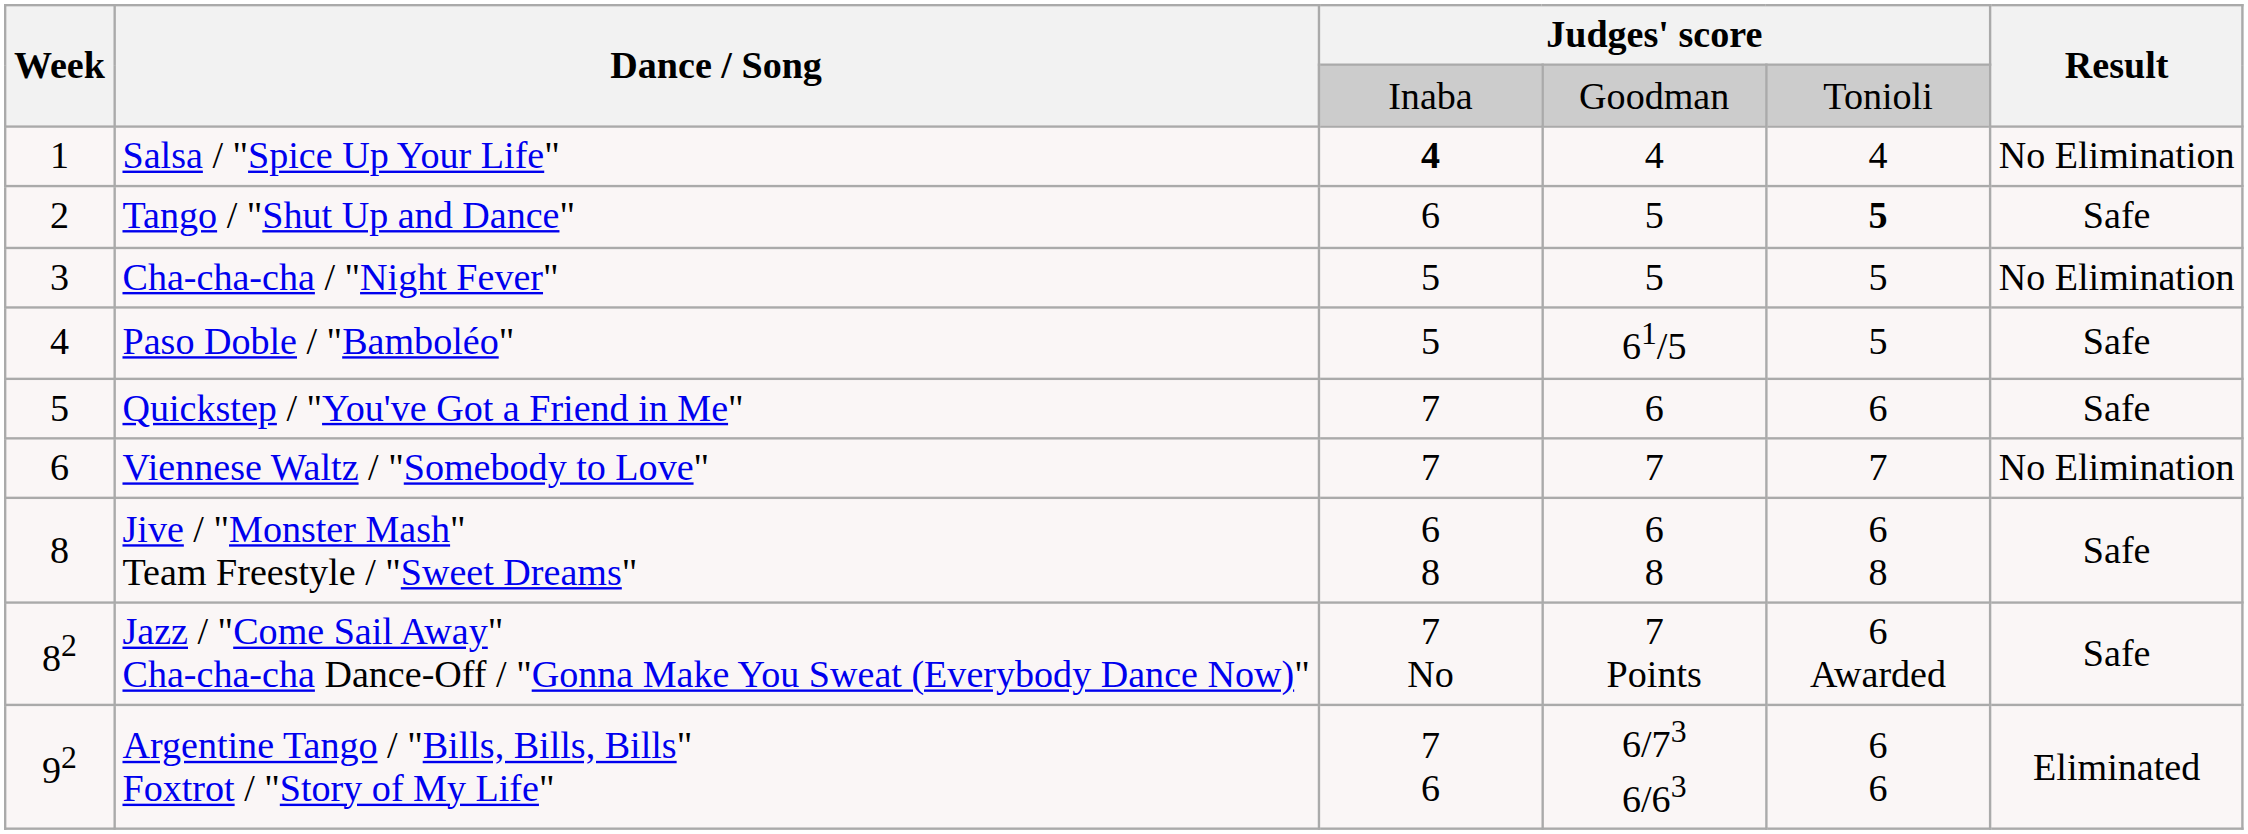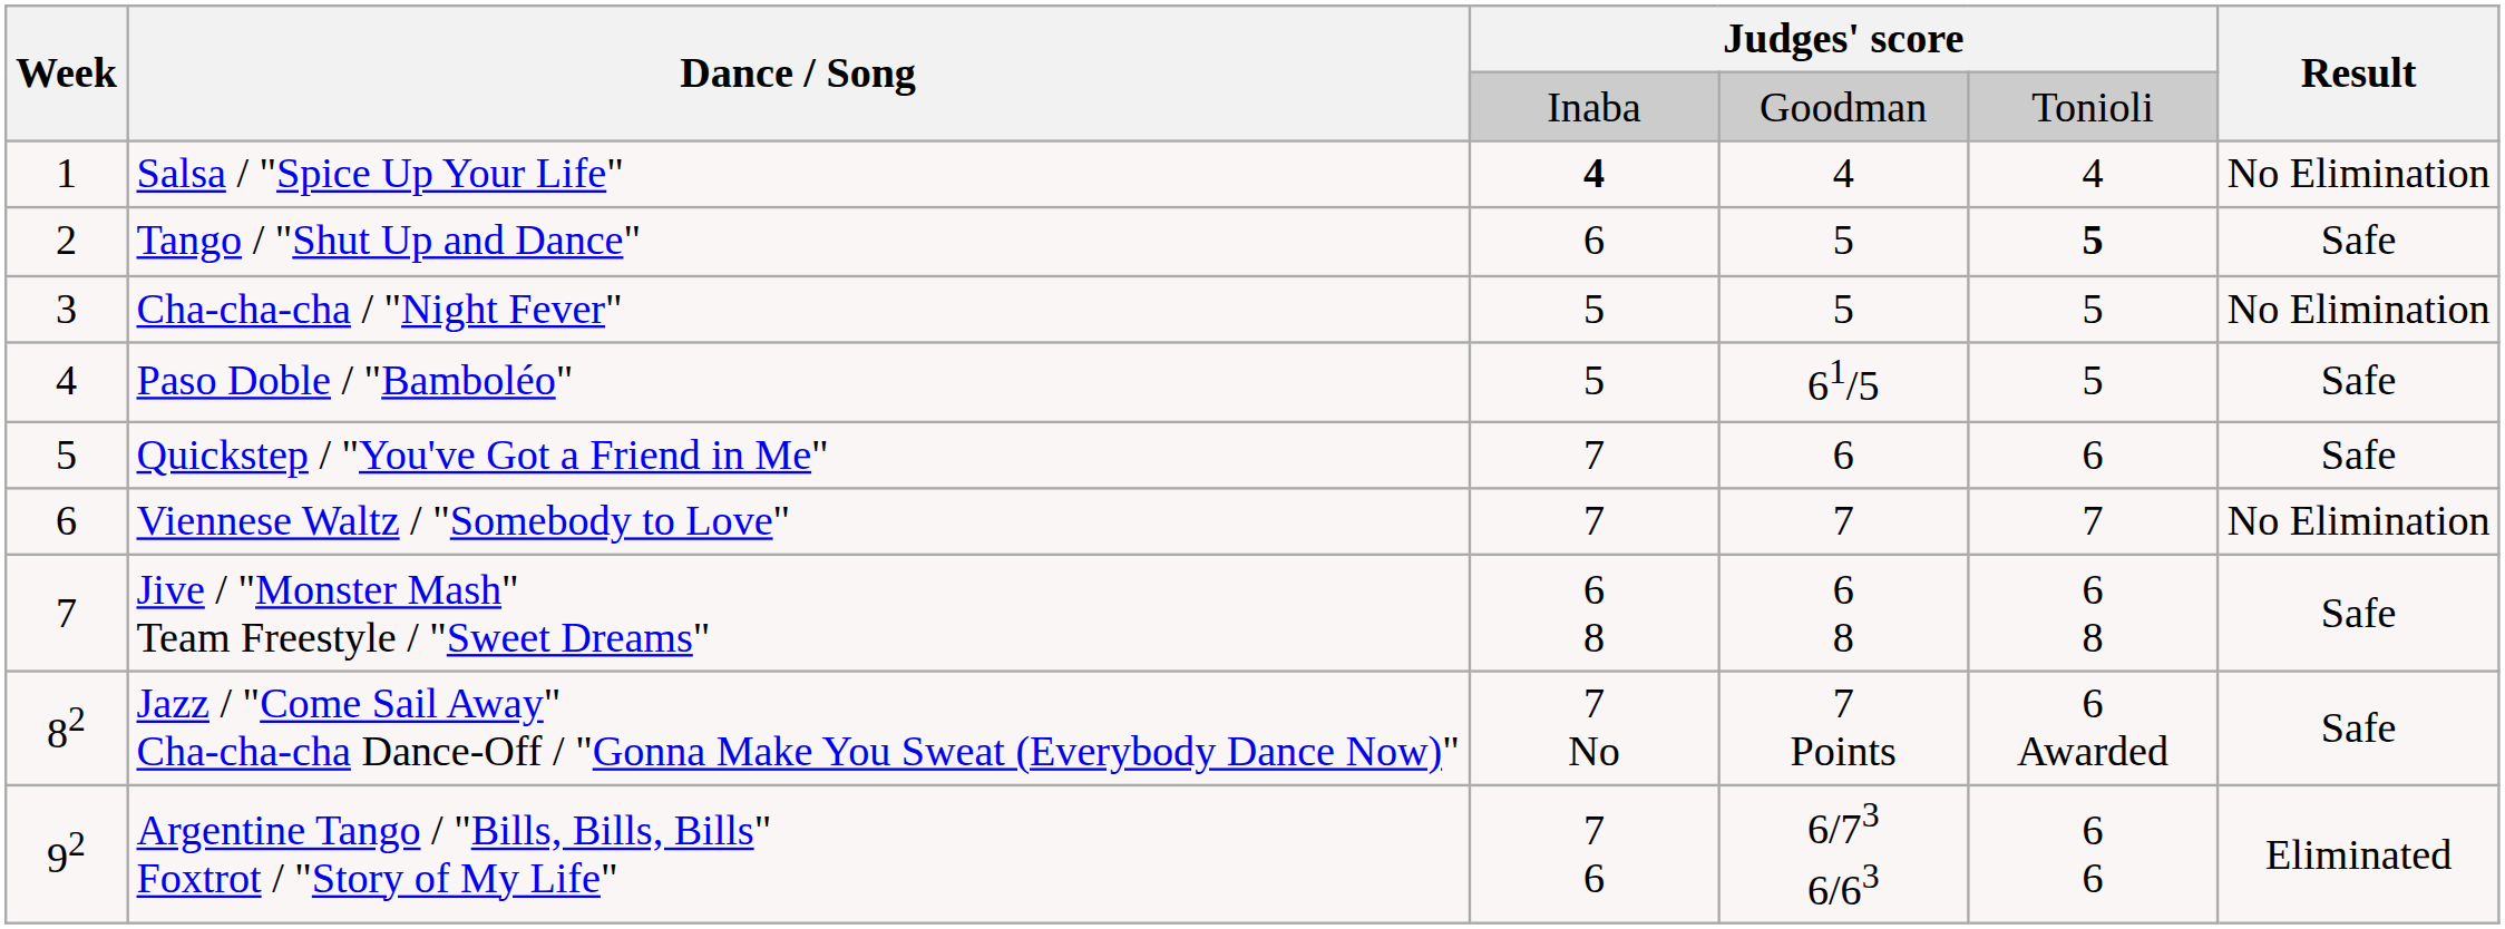 <table class="wikitable" style="text-align:center;">
 <tr style="text-align:center;">
 <th rowspan="2" bgcolor="#CCCCCC" align="Center">Week</th>
 <th rowspan="2" bgcolor="#CCCCCC" align="Center">Dance / Song</th>
 <th colspan="3" bgcolor="#CCCCCC" align="Center">Judges' score</th>
 <th rowspan="2" bgcolor="#CCCCCC" align="Center">Result</th>
 </tr>
 <tr>
 <td bgcolor="#CCCCCC" width="10%" align="center">Inaba</td>
 <td bgcolor="#CCCCCC" width="10%" align="center">Goodman</td>
 <td bgcolor="#CCCCCC" width="10%" align="center">Tonioli</td>
 </tr>
 <tr>
 <td bgcolor="FAF6F6">1</td>
 <td align="left" bgcolor="FAF6F6"><a href='#'>Salsa</a> / "<a href='#'>Spice Up Your Life</a>"</td>
 <td bgcolor="FAF6F6"><strong>4</strong></td>
 <td bgcolor="FAF6F6">4</td>
 <td bgcolor="FAF6F6">4</td>
 <td bgcolor="FAF6F6">No Elimination</td>
 </tr>
 <tr>
 <td bgcolor="FAF6F6">2</td>
 <td align="left" bgcolor="FAF6F6"><a href='#'>Tango</a> / "<a href='#'>Shut Up and Dance</a>"</td>
 <td bgcolor="FAF6F6">6</td>
 <td bgcolor="FAF6F6">5</td>
 <td bgcolor="FAF6F6"><strong>5</strong></td>
 <td bgcolor="FAF6F6">Safe</td>
 </tr>
 <tr>
 <td bgcolor="FAF6F6">3</td>
 <td align="left" bgcolor="FAF6F6"><a href='#'>Cha-cha-cha</a> / "<a href='#'>Night Fever</a>"</td>
 <td bgcolor="FAF6F6">5</td>
 <td bgcolor="FAF6F6">5</td>
 <td bgcolor="FAF6F6">5</td>
 <td bgcolor="FAF6F6">No Elimination</td>
 </tr>
 <tr>
 <td bgcolor="FAF6F6">4</td>
 <td align="left" bgcolor="FAF6F6"><a href='#'>Paso Doble</a> / "<a href='#'>Bamboléo</a>"</td>
 <td bgcolor="FAF6F6">5</td>
 <td bgcolor="FAF6F6">6<sup>1</sup>/5</td>
 <td bgcolor="FAF6F6">5</td>
 <td bgcolor="FAF6F6">Safe</td>
 </tr>
 <tr>
 <td bgcolor="FAF6F6">5</td>
 <td align="left" bgcolor="FAF6F6"><a href='#'>Quickstep</a> / "<a href='#'>You've Got a Friend in Me</a>"</td>
 <td bgcolor="FAF6F6">7</td>
 <td bgcolor="FAF6F6">6</td>
 <td bgcolor="FAF6F6">6</td>
 <td bgcolor="FAF6F6">Safe</td>
 </tr>
 <tr>
 <td bgcolor="FAF6F6">6</td>
 <td align="left" bgcolor="FAF6F6"><a href='#'>Viennese Waltz</a> / "<a href='#'>Somebody to Love</a>"</td>
 <td bgcolor="FAF6F6">7</td>
 <td bgcolor="FAF6F6">7</td>
 <td bgcolor="FAF6F6">7</td>
 <td bgcolor="FAF6F6">No Elimination</td>
 </tr>
 <tr>
-<td bgcolor="FAF6F6">8</td>
+<td bgcolor="FAF6F6">7</td>
 <td align="left" bgcolor="FAF6F6"><a href='#'>Jive</a> / "<a href='#'>Monster Mash</a>"<br>Team Freestyle / "<a href='#'>Sweet Dreams</a>"</td>
 <td bgcolor="FAF6F6">6<br>8</td>
 <td bgcolor="FAF6F6">6<br>8</td>
 <td bgcolor="FAF6F6">6<br>8</td>
 <td bgcolor="FAF6F6">Safe</td>
 </tr>
 <tr>
 <td bgcolor="FAF6F6">8<sup>2</sup></td>
 <td align="left" bgcolor="FAF6F6"><a href='#'>Jazz</a> / "<a href='#'>Come Sail Away</a>"<br><a href='#'>Cha-cha-cha</a> Dance-Off / "<a href='#'>Gonna Make You Sweat (Everybody Dance Now)</a>"</td>
 <td bgcolor="FAF6F6">7<br>No</td>
 <td bgcolor="FAF6F6">7<br>Points</td>
 <td bgcolor="FAF6F6">6<br>Awarded</td>
 <td bgcolor="FAF6F6">Safe</td>
 </tr>
 <tr>
 <td bgcolor="FAF6F6">9<sup>2</sup></td>
 <td align="left" bgcolor="FAF6F6"><a href='#'>Argentine Tango</a> / "<a href='#'>Bills, Bills, Bills</a>"<br><a href='#'>Foxtrot</a> / "<a href='#'>Story of My Life</a>"</td>
 <td bgcolor="FAF6F6">7<br>6</td>
 <td bgcolor="FAF6F6">6/7<sup>3</sup><br>6/6<sup>3</sup></td>
 <td bgcolor="FAF6F6">6<br>6</td>
 <td bgcolor="FAF6F6">Eliminated</td>
 </tr>
 </table>
